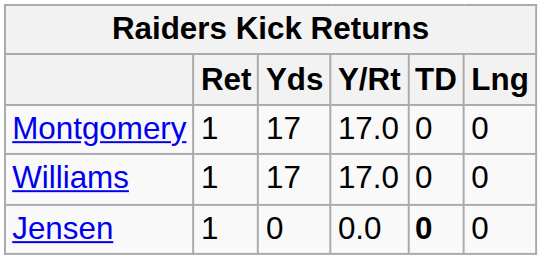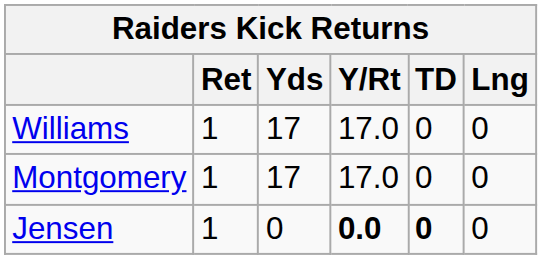 <table class="wikitable">
 <tr>
 <th colspan="6">Raiders Kick Returns</th>
 </tr>
 <tr>
 <th></th>
 <th>Ret</th>
 <th>Yds</th>
 <th>Y/Rt</th>
 <th>TD</th>
 <th>Lng</th>
 </tr>
 <tr>
-<td><a href='#'>Montgomery</a></td>
+<td><a href='#'>Williams</a></td>
 <td>1</td>
 <td>17</td>
 <td>17.0</td>
 <td>0</td>
 <td>0</td>
 </tr>
 <tr>
-<td><a href='#'>Williams</a></td>
+<td><a href='#'>Montgomery</a></td>
 <td>1</td>
 <td>17</td>
 <td>17.0</td>
 <td>0</td>
 <td>0</td>
 </tr>
 <tr>
 <td><a href='#'>Jensen</a></td>
 <td>1</td>
 <td>0</td>
-<td>0.0</td>
+<td><strong>0.0</strong></td>
 <td><strong>0</strong></td>
 <td>0</td>
 </tr>
 </table>
